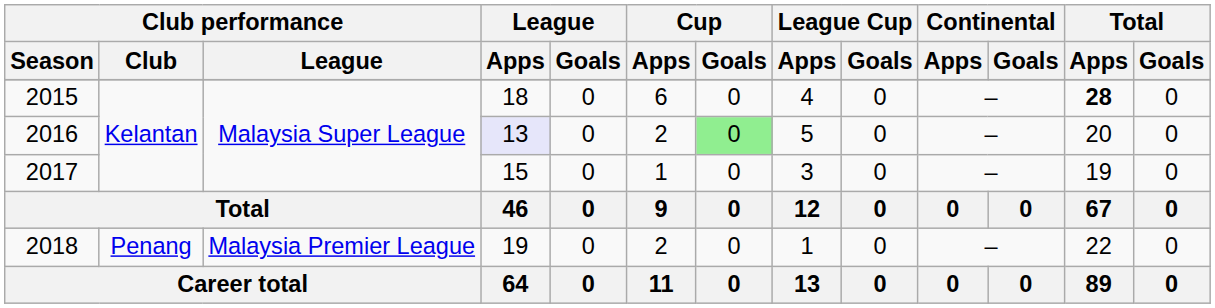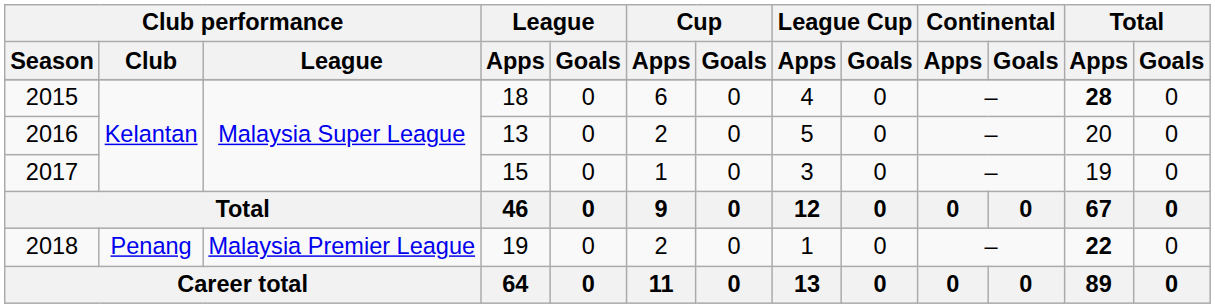 <table class="wikitable" style="text-align:center">
 <tr>
 <th colspan=3>Club performance</th>
 <th colspan=2>League</th>
 <th colspan=2>Cup</th>
 <th colspan=2>League Cup</th>
 <th colspan=2>Continental</th>
 <th colspan=2>Total</th>
 </tr>
 <tr>
 <th>Season</th>
 <th>Club</th>
 <th>League</th>
 <th>Apps</th>
 <th>Goals</th>
 <th>Apps</th>
 <th>Goals</th>
 <th>Apps</th>
 <th>Goals</th>
 <th>Apps</th>
 <th>Goals</th>
 <th>Apps</th>
 <th>Goals</th>
 </tr>
 <tr>
 </tr>
 <tr>
 <td>2015</td>
 <td rowspan="3"><a href='#'>Kelantan</a></td>
 <td rowspan="3"><a href='#'>Malaysia Super League</a></td>
 <td>18</td>
 <td>0</td>
 <td>6</td>
 <td>0</td>
 <td>4</td>
 <td>0</td>
 <td colspan="2">–</td>
 <td><strong>28</strong></td>
 <td>0</td>
 </tr>
 <tr>
 <td>2016</td>
-<td style="background: lavender;">13</td>
+<td>13</td>
 <td>0</td>
 <td>2</td>
-<td style="background: lightgreen;">0</td>
+<td>0</td>
 <td>5</td>
 <td>0</td>
 <td colspan="2">–</td>
 <td>20</td>
 <td>0</td>
 </tr>
 <tr>
 <td>2017</td>
 <td>15</td>
 <td>0</td>
 <td>1</td>
 <td>0</td>
 <td>3</td>
 <td>0</td>
 <td colspan="2">–</td>
 <td>19</td>
 <td>0</td>
 </tr>
 <tr>
 <th colspan=3>Total</th>
 <th>46</th>
 <th>0</th>
 <th>9</th>
 <th>0</th>
 <th>12</th>
 <th>0</th>
 <th>0</th>
 <th>0</th>
 <th>67</th>
 <th>0</th>
 </tr>
 <tr>
 <td>2018</td>
 <td rowspan="1"><a href='#'>Penang</a></td>
 <td rowspan="1"><a href='#'>Malaysia Premier League</a></td>
 <td>19</td>
 <td>0</td>
 <td>2</td>
 <td>0</td>
 <td>1</td>
 <td>0</td>
 <td colspan="2">–</td>
-<td>22</td>
+<td><strong>22</strong></td>
 <td>0</td>
 </tr>
 <tr>
 <th colspan=3>Career total</th>
 <th>64</th>
 <th>0</th>
 <th>11</th>
 <th>0</th>
 <th>13</th>
 <th>0</th>
 <th>0</th>
 <th>0</th>
 <th>89</th>
 <th>0</th>
 </tr>
 </table>
